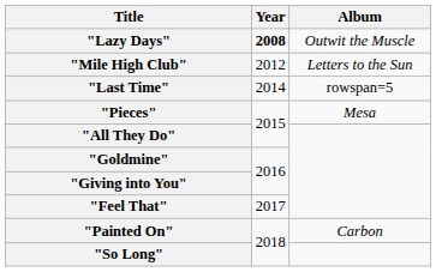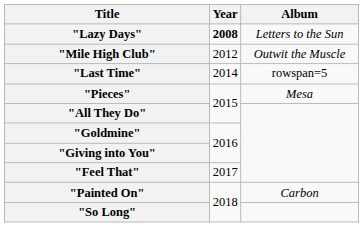 <table class="wikitable plainrowheaders" style="text-align:center;" border="1">
 <tr>
 <th scope="col" style="width:16em;">Title</th>
 <th scope="col" style="width:1em;">Year</th>
 <th scope="col" style="width:9em;">Album</th>
 </tr>
 <tr>
 <th scope="row">"Lazy Days"</th>
 <td><strong>2008</strong></td>
-<td><em>Outwit the Muscle</em></td>
+<td><em>Letters to the Sun</em></td>
 </tr>
 <tr>
 <th scope="row">"Mile High Club" </th>
 <td>2012</td>
-<td><em>Letters to the Sun</em></td>
+<td><em>Outwit the Muscle</em></td>
 </tr>
 <tr>
 <th scope="row">"Last Time"</th>
 <td>2014</td>
 <td>rowspan=5 </td>
 </tr>
 <tr>
 <th scope="row">"Pieces"</th>
 <td rowspan="2">2015</td>
 <td><em>Mesa</em></td>
 </tr>
 <tr>
 <th scope="row">"All They Do" </th>
 </tr>
 <tr>
 <th scope="row">"Goldmine"</th>
 <td rowspan="2">2016</td>
 </tr>
 <tr>
 <th scope="row">"Giving into You" </th>
 </tr>
 <tr>
 <th scope="row">"Feel That" </th>
 <td>2017</td>
 </tr>
 <tr>
 <th scope="row">"Painted On" </th>
 <td rowspan="2">2018</td>
 <td><em>Carbon</em></td>
 </tr>
 <tr>
 <th scope="row">"So Long"</th>
 <td></td>
 </tr>
 </table>
